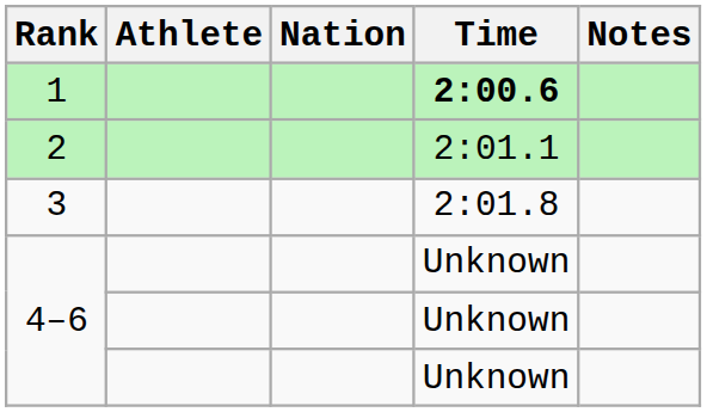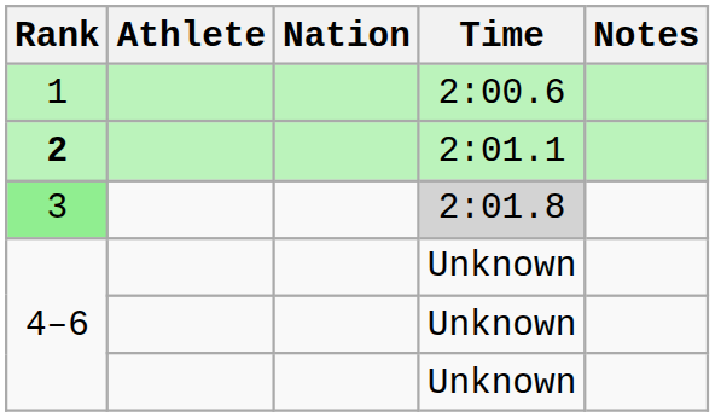 <table class="wikitable sortable" style="text-align:center">
 <tr>
 <th>Rank</th>
 <th>Athlete</th>
 <th>Nation</th>
 <th>Time</th>
 <th>Notes</th>
 </tr>
 <tr style="background:#bbf3bb;">
 <td>1</td>
 <td align=left></td>
 <td align=left></td>
-<td><strong>2:00.6</strong></td>
+<td>2:00.6</td>
 <td></td>
 </tr>
 <tr style="background:#bbf3bb;">
-<td>2</td>
+<td><strong>2</strong></td>
 <td align=left></td>
 <td align=left></td>
 <td>2:01.1</td>
 <td></td>
 </tr>
 <tr>
-<td>3</td>
+<td style="background: lightgreen;">3</td>
 <td align=left></td>
 <td align=left></td>
-<td>2:01.8</td>
+<td style="background: lightgrey;">2:01.8</td>
 <td></td>
 </tr>
 <tr>
 <td rowspan=3>4–6</td>
 <td align=left></td>
 <td align=left></td>
 <td data-sort-value=5:00.0>Unknown</td>
 <td></td>
 </tr>
 <tr>
 <td align=left></td>
 <td align=left></td>
 <td data-sort-value=5:00.0>Unknown</td>
 <td></td>
 </tr>
 <tr>
 <td align=left></td>
 <td align=left></td>
 <td data-sort-value=5:00.0>Unknown</td>
 <td></td>
 </tr>
 </table>
